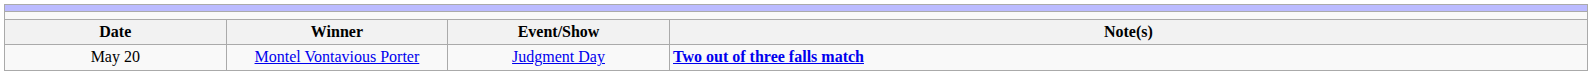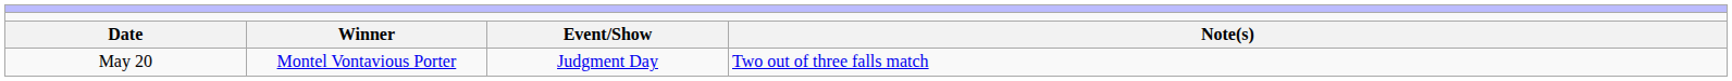 <table class="wikitable" style="text-align:center; width:100%;">
 <tr style="background:#BBF;">
 <td colspan="5"></td>
 </tr>
 <tr>
 <td colspan="5"><strong></strong></td>
 </tr>
 <tr>
 <th width=14%>Date</th>
 <th width=14%>Winner</th>
 <th width=14%>Event/Show</th>
 <th width=58%>Note(s)</th>
 </tr>
 <tr>
 <td>May 20</td>
 <td><a href='#'>Montel Vontavious Porter</a></td>
 <td><a href='#'>Judgment Day</a></td>
-<td align=left><strong><a href='#'>Two out of three falls match</a></strong></td>
+<td align=left><a href='#'>Two out of three falls match</a></td>
 </tr>
 <tr>
 </tr>
 </table>
